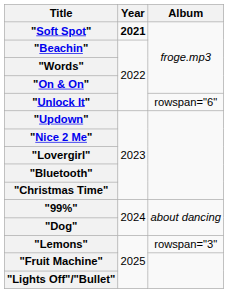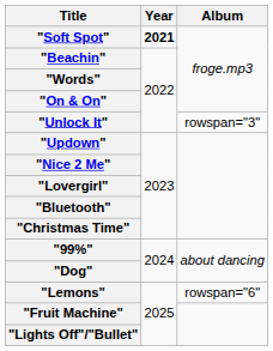 <table class="wikitable plainrowheaders" style="text-align:center;">
 <tr>
 <th scope="col">Title</th>
 <th scope="col">Year</th>
 <th scope="col">Album</th>
 </tr>
 <tr>
 <th scope="row">"<a href='#'>Soft Spot</a>"</th>
 <td><strong>2021</strong></td>
 <td rowspan="4"><em>froge.mp3</em></td>
 </tr>
 <tr>
 <th scope="row">"<a href='#'>Beachin</a>"</th>
 <td rowspan="4">2022</td>
 </tr>
 <tr>
 <th scope="row">"Words"</th>
 </tr>
 <tr>
 <th scope="row">"<a href='#'>On & On</a>"</th>
 </tr>
 <tr>
 <th scope="row">"<a href='#'>Unlock It</a>"</th>
-<td>rowspan="6" </td>
+<td>rowspan="3" </td>
 </tr>
 <tr>
 <th scope="row">"<a href='#'>Updown</a>"</th>
 <td rowspan="5">2023</td>
 </tr>
 <tr>
 <th scope="row">"<a href='#'>Nice 2 Me</a>"</th>
 </tr>
 <tr>
 <th scope="row">"Lovergirl"</th>
 </tr>
 <tr>
 <th scope="row">"Bluetooth"</th>
 </tr>
 <tr>
 <th scope="row">"Christmas Time"</th>
 </tr>
 <tr>
 <th scope="row">"99%"</th>
 <td rowspan="2">2024</td>
 <td rowspan="2"><em>about dancing</em></td>
 </tr>
 <tr>
 <th scope="row">"Dog"</th>
 </tr>
 <tr>
 <th scope="row">"Lemons"</th>
 <td rowspan="3">2025</td>
-<td>rowspan="3" </td>
+<td>rowspan="6" </td>
 </tr>
 <tr>
 <th scope="row">"Fruit Machine"</th>
 </tr>
 <tr>
 <th scope="row">"Lights Off"/"Bullet"</th>
 </tr>
 </table>
